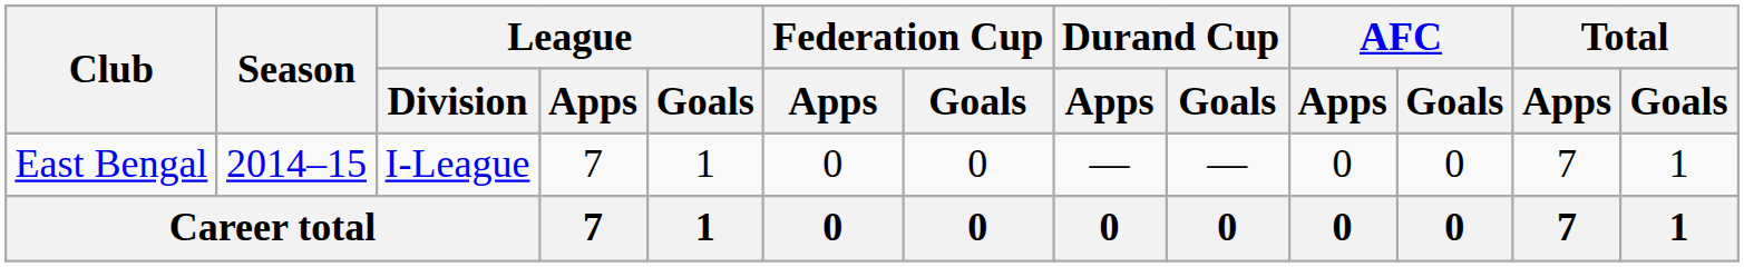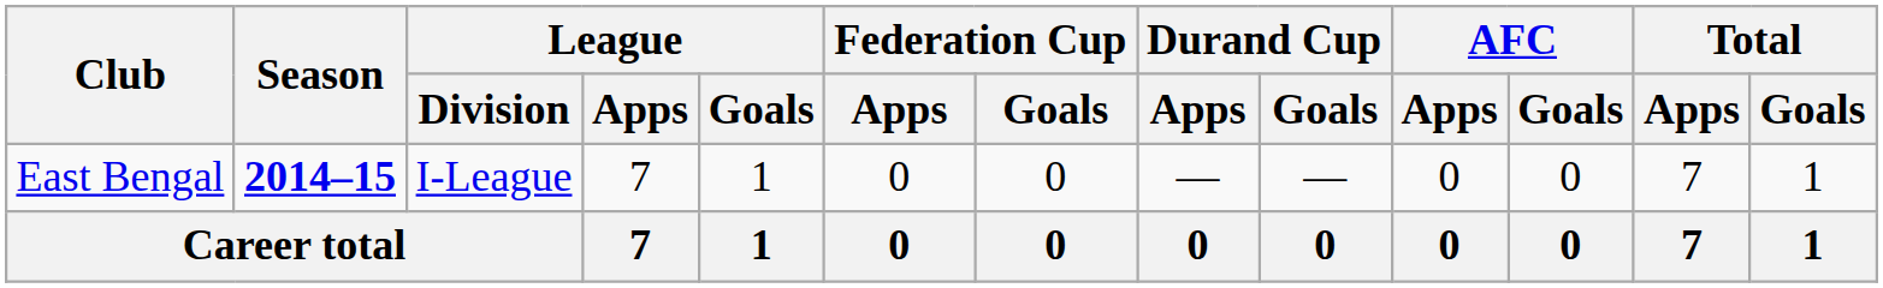 <table class="wikitable" style="text-align: center;">
 <tr>
 <th rowspan="2">Club</th>
 <th rowspan="2">Season</th>
 <th colspan="3">League</th>
 <th colspan="2">Federation Cup</th>
 <th colspan="2">Durand Cup</th>
 <th colspan="2"><a href='#'>AFC</a></th>
 <th colspan="2">Total</th>
 </tr>
 <tr>
 <th>Division</th>
 <th>Apps</th>
 <th>Goals</th>
 <th>Apps</th>
 <th>Goals</th>
 <th>Apps</th>
 <th>Goals</th>
 <th>Apps</th>
 <th>Goals</th>
 <th>Apps</th>
 <th>Goals</th>
 </tr>
 <tr>
 <td rowspan="1"><a href='#'>East Bengal</a></td>
-<td><a href='#'>2014–15</a></td>
+<td><strong><a href='#'>2014–15</a></strong></td>
 <td><a href='#'>I-League</a></td>
 <td>7</td>
 <td>1</td>
 <td>0</td>
 <td>0</td>
 <td>—</td>
 <td>—</td>
 <td>0</td>
 <td>0</td>
 <td>7</td>
 <td>1</td>
 </tr>
 <tr>
 <th colspan="3">Career total</th>
 <th>7</th>
 <th>1</th>
 <th>0</th>
 <th>0</th>
 <th>0</th>
 <th>0</th>
 <th>0</th>
 <th>0</th>
 <th>7</th>
 <th>1</th>
 </tr>
 </table>
